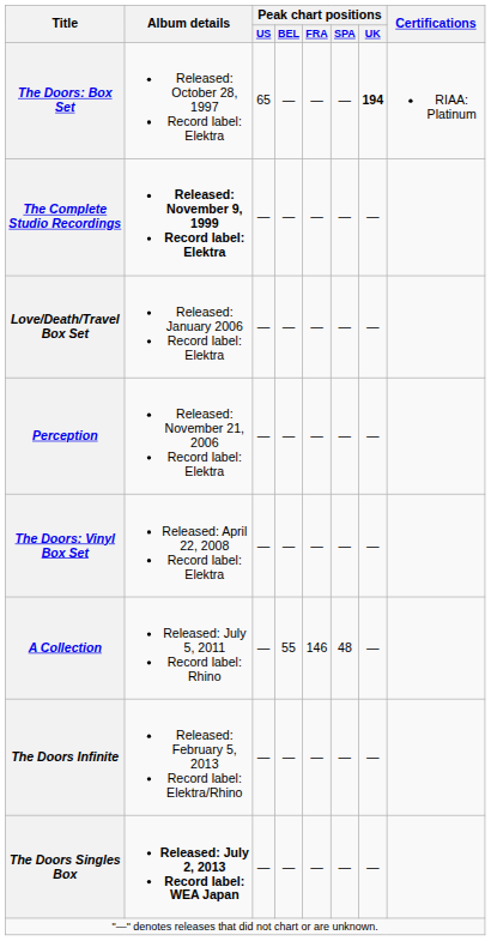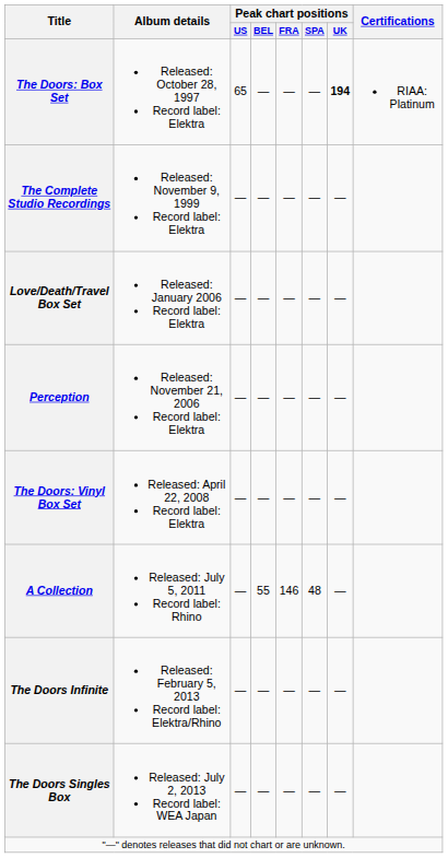 <table class="wikitable plainrowheaders" style="text-align:center;">
 <tr>
 <th scope="col" rowspan="2" style="width:12em;">Title</th>
 <th scope="col" rowspan="2" style="width:18em;">Album details</th>
 <th scope="col" colspan="5">Peak chart positions</th>
 <th scope="col" rowspan="2" style="width:14em;"><a href='#'>Certifications</a></th>
 </tr>
 <tr>
 <th style="width:3em;font-size:85%"><a href='#'>US</a><br></th>
 <th style="width:3em;font-size:85%"><a href='#'>BEL</a><br></th>
 <th style="width:3em;font-size:85%"><a href='#'>FRA</a><br></th>
 <th style="width:3em;font-size:85%"><a href='#'>SPA</a><br></th>
 <th style="width:3em;font-size:85%"><a href='#'>UK</a><br></th>
 </tr>
 <tr>
 <th scope="row"><em><a href='#'>The Doors: Box Set</a></em></th>
 <td><br><ul><li>Released: October 28, 1997</li><li>Record label: Elektra</li></ul></td>
 <td>65</td>
 <td>—</td>
 <td>—</td>
 <td>—</td>
 <td><strong>194</strong></td>
 <td><br><ul><li>RIAA: Platinum</li></ul></td>
 </tr>
 <tr>
 <th scope="row"><em><a href='#'>The Complete Studio Recordings</a></em></th>
-<td><strong><br><ul><li>Released: November 9, 1999</li><li>Record label: Elektra</li></ul></strong></td>
+<td><br><ul><li>Released: November 9, 1999</li><li>Record label: Elektra</li></ul></td>
 <td>—</td>
 <td>—</td>
 <td>—</td>
 <td>—</td>
 <td>—</td>
 <td></td>
 </tr>
 <tr>
 <th scope="row"><em>Love/Death/Travel Box Set</em></th>
 <td><br><ul><li>Released: January 2006</li><li>Record label: Elektra</li></ul></td>
 <td>—</td>
 <td>—</td>
 <td>—</td>
 <td>—</td>
 <td>—</td>
 <td></td>
 </tr>
 <tr>
 <th scope="row"><em><a href='#'>Perception</a></em></th>
 <td><br><ul><li>Released: November 21, 2006</li><li>Record label: Elektra</li></ul></td>
 <td>—</td>
 <td>—</td>
 <td>—</td>
 <td>—</td>
 <td>—</td>
 <td></td>
 </tr>
 <tr>
 <th scope="row"><em><a href='#'>The Doors: Vinyl Box Set</a></em></th>
 <td><br><ul><li>Released: April 22, 2008</li><li>Record label: Elektra</li></ul></td>
 <td>—</td>
 <td>—</td>
 <td>—</td>
 <td>—</td>
 <td>—</td>
 <td></td>
 </tr>
 <tr>
 <th scope="row"><em><a href='#'>A Collection</a></em></th>
 <td><br><ul><li>Released: July 5, 2011</li><li>Record label: Rhino</li></ul></td>
 <td>—</td>
 <td>55</td>
 <td>146</td>
 <td>48</td>
 <td>—</td>
 <td></td>
 </tr>
 <tr>
 <th scope="row"><em>The Doors Infinite</em></th>
 <td><br><ul><li>Released: February 5, 2013</li><li>Record label: Elektra/Rhino</li></ul></td>
 <td>—</td>
 <td>—</td>
 <td>—</td>
 <td>—</td>
 <td>—</td>
 <td></td>
 </tr>
 <tr>
 <th scope="row"><em>The Doors Singles Box</em></th>
-<td><strong><br><ul><li>Released: July 2, 2013</li><li>Record label: WEA Japan</li></ul></strong></td>
+<td><br><ul><li>Released: July 2, 2013</li><li>Record label: WEA Japan</li></ul></td>
 <td>—</td>
 <td>—</td>
 <td>—</td>
 <td>—</td>
 <td>—</td>
 <td></td>
 </tr>
 <tr>
 <td colspan="17" style="font-size: 85%">"—" denotes releases that did not chart or are unknown.</td>
 </tr>
 </table>
